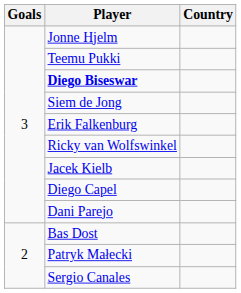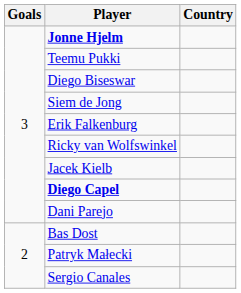 <table class="wikitable" style="text-align: left;">
 <tr>
 <th>Goals</th>
 <th>Player</th>
 <th>Country</th>
 </tr>
 <tr>
 <td rowspan="9" align=center>3</td>
-<td><a href='#'>Jonne Hjelm</a></td>
+<td><strong><a href='#'>Jonne Hjelm</a></strong></td>
 <td></td>
 </tr>
 <tr>
 <td><a href='#'>Teemu Pukki</a></td>
 <td></td>
 </tr>
 <tr>
-<td><strong><a href='#'>Diego Biseswar</a></strong></td>
+<td><a href='#'>Diego Biseswar</a></td>
 <td></td>
 </tr>
 <tr>
 <td><a href='#'>Siem de Jong</a></td>
 <td></td>
 </tr>
 <tr>
 <td><a href='#'>Erik Falkenburg</a></td>
 <td></td>
 </tr>
 <tr>
 <td><a href='#'>Ricky van Wolfswinkel</a></td>
 <td></td>
 </tr>
 <tr>
 <td><a href='#'>Jacek Kielb</a></td>
 <td></td>
 </tr>
 <tr>
-<td><a href='#'>Diego Capel</a></td>
+<td><strong><a href='#'>Diego Capel</a></strong></td>
 <td></td>
 </tr>
 <tr>
 <td><a href='#'>Dani Parejo</a></td>
 <td></td>
 </tr>
 <tr>
 <td rowspan="3" align=center>2</td>
 <td><a href='#'>Bas Dost</a></td>
 <td></td>
 </tr>
 <tr>
 <td><a href='#'>Patryk Małecki</a></td>
 <td></td>
 </tr>
 <tr>
 <td><a href='#'>Sergio Canales</a></td>
 <td></td>
 </tr>
 </table>
